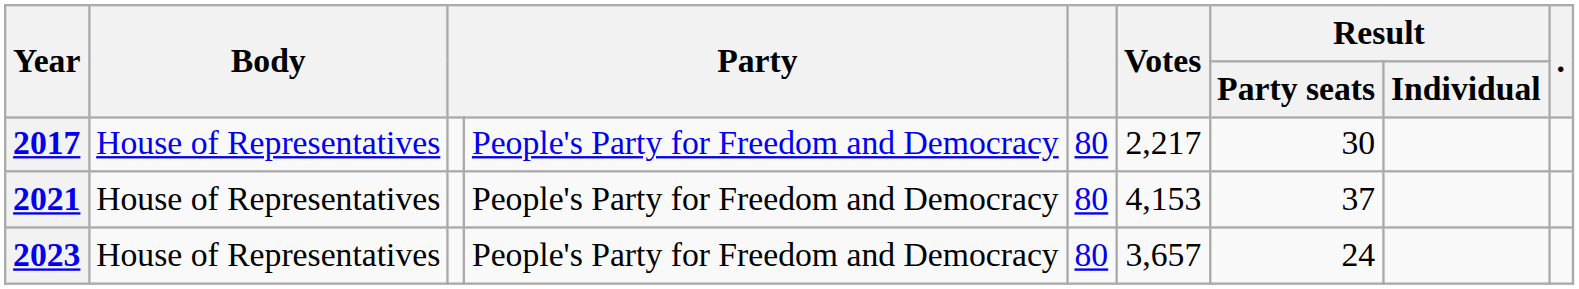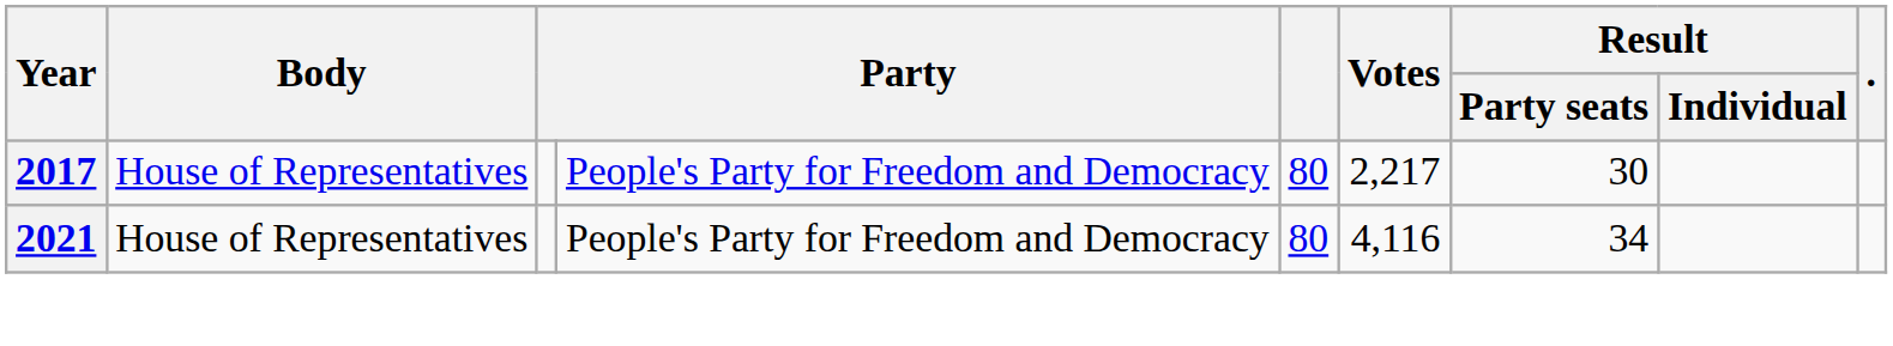 <table class="wikitable plainrowheaders sortable" border=2 cellpadding=4 cellspacing=0 style="border: 1px #aaa solid; font-size: 90%; text-align:center;">
 <tr>
 <th scope="col" rowspan=2>Year</th>
 <th scope="col" rowspan=2>Body</th>
 <th scope="col" colspan=2 rowspan=2>Party</th>
 <th scope="col" rowspan=2></th>
 <th scope="col" rowspan=2>Votes</th>
 <th scope="colgroup" colspan=2>Result</th>
 <th scope="col" rowspan=2 class="unsortable">.</th>
 </tr>
 <tr>
 <th scope="col">Party seats</th>
 <th scope="col">Individual</th>
 </tr>
 <tr>
 <th scope="row"><a href='#'>2017</a></th>
 <td><a href='#'>House of Representatives</a></td>
 <td style="background-color:"></td>
 <td><a href='#'>People's Party for Freedom and Democracy</a></td>
 <td style=text-align:right><a href='#'>80</a></td>
 <td style=text-align:right>2,217</td>
 <td style=text-align:right>30</td>
 <td></td>
 <td></td>
 </tr>
 <tr>
 <th scope="row"><a href='#'>2021</a></th>
 <td>House of Representatives</td>
 <td style="background-color:"></td>
 <td>People's Party for Freedom and Democracy</td>
 <td style=text-align:right><a href='#'>80</a></td>
-<td style=text-align:right>4,153</td>
-<td style=text-align:right>37</td>
-<td></td>
-<td></td>
-</tr>
-<tr>
-<th scope="row"><a href='#'>2023</a></th>
-<td>House of Representatives</td>
-<td style="background-color:"></td>
-<td>People's Party for Freedom and Democracy</td>
-<td style=text-align:right><a href='#'>80</a></td>
-<td style=text-align:right>3,657</td>
-<td style=text-align:right>24</td>
+<td style=text-align:right>4,116</td>
+<td style=text-align:right>34</td>
 <td></td>
 <td></td>
 </tr>
 </table>
